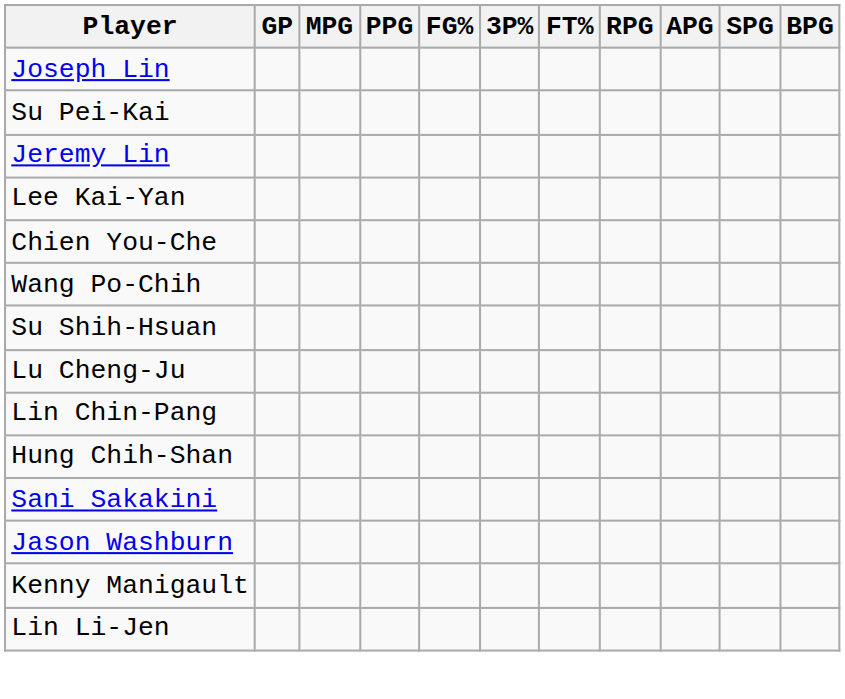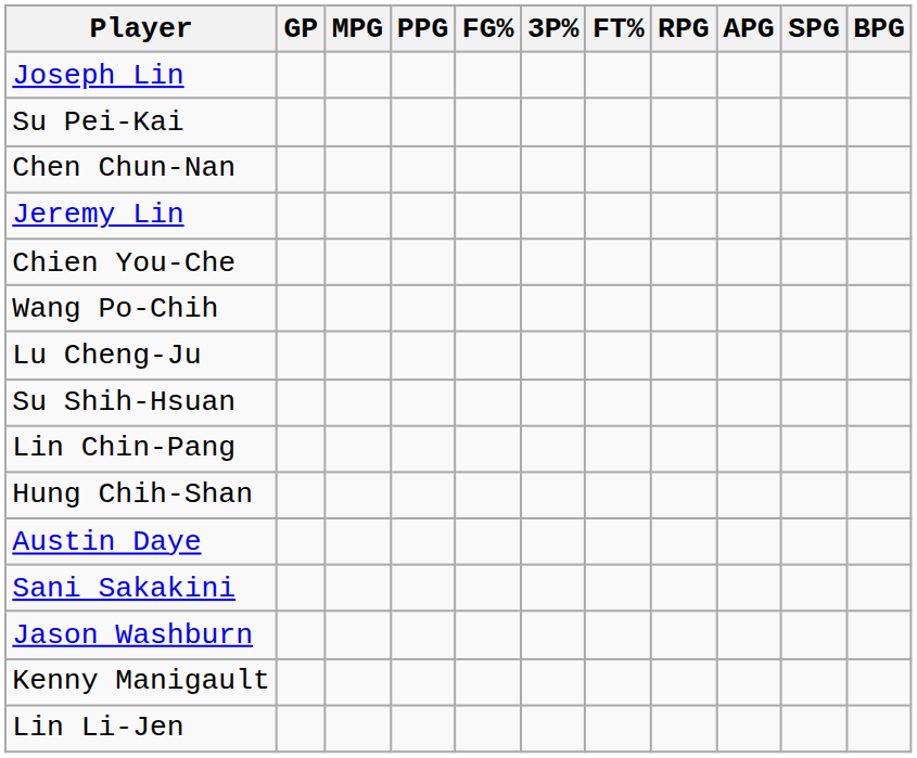 <table class="wikitable">
 <tr>
 <th>Player</th>
 <th>GP</th>
 <th>MPG</th>
 <th>PPG</th>
 <th>FG%</th>
 <th>3P%</th>
 <th>FT%</th>
 <th>RPG</th>
 <th>APG</th>
 <th>SPG</th>
 <th>BPG</th>
 </tr>
 <tr>
 <td><a href='#'>Joseph Lin</a></td>
 <td></td>
 <td></td>
 <td></td>
 <td></td>
 <td></td>
 <td></td>
 <td></td>
 <td></td>
 <td></td>
 <td></td>
 </tr>
 <tr>
 <td>Su Pei-Kai</td>
 <td></td>
 <td></td>
 <td></td>
 <td></td>
 <td></td>
 <td></td>
 <td></td>
 <td></td>
 <td></td>
 <td></td>
 </tr>
 <tr>
-<td><a href='#'>Jeremy Lin</a></td>
+<td>Chen Chun-Nan</td>
 <td></td>
 <td></td>
 <td></td>
 <td></td>
 <td></td>
 <td></td>
 <td></td>
 <td></td>
 <td></td>
 <td></td>
 </tr>
 <tr>
-<td>Lee Kai-Yan</td>
+<td><a href='#'>Jeremy Lin</a></td>
 <td></td>
 <td></td>
 <td></td>
 <td></td>
 <td></td>
 <td></td>
 <td></td>
 <td></td>
 <td></td>
 <td></td>
 </tr>
 <tr>
 <td>Chien You-Che</td>
 <td></td>
 <td></td>
 <td></td>
 <td></td>
 <td></td>
 <td></td>
 <td></td>
 <td></td>
 <td></td>
 <td></td>
 </tr>
 <tr>
 <td>Wang Po-Chih</td>
 <td></td>
 <td></td>
 <td></td>
 <td></td>
 <td></td>
 <td></td>
 <td></td>
 <td></td>
 <td></td>
 <td></td>
 </tr>
 <tr>
-<td>Su Shih-Hsuan</td>
+<td>Lu Cheng-Ju</td>
 <td></td>
 <td></td>
 <td></td>
 <td></td>
 <td></td>
 <td></td>
 <td></td>
 <td></td>
 <td></td>
 <td></td>
 </tr>
 <tr>
-<td>Lu Cheng-Ju</td>
+<td>Su Shih-Hsuan</td>
 <td></td>
 <td></td>
 <td></td>
 <td></td>
 <td></td>
 <td></td>
 <td></td>
 <td></td>
 <td></td>
 <td></td>
 </tr>
 <tr>
 <td>Lin Chin-Pang</td>
 <td></td>
 <td></td>
 <td></td>
 <td></td>
 <td></td>
 <td></td>
 <td></td>
 <td></td>
 <td></td>
 <td></td>
 </tr>
 <tr>
 <td>Hung Chih-Shan</td>
+<td></td>
+<td></td>
+<td></td>
+<td></td>
+<td></td>
+<td></td>
+<td></td>
+<td></td>
+<td></td>
+<td></td>
+</tr>
+<tr>
+<td><a href='#'>Austin Daye</a></td>
 <td></td>
 <td></td>
 <td></td>
 <td></td>
 <td></td>
 <td></td>
 <td></td>
 <td></td>
 <td></td>
 <td></td>
 </tr>
 <tr>
 <td><a href='#'>Sani Sakakini</a></td>
 <td></td>
 <td></td>
 <td></td>
 <td></td>
 <td></td>
 <td></td>
 <td></td>
 <td></td>
 <td></td>
 <td></td>
 </tr>
 <tr>
 <td><a href='#'>Jason Washburn</a></td>
 <td></td>
 <td></td>
 <td></td>
 <td></td>
 <td></td>
 <td></td>
 <td></td>
 <td></td>
 <td></td>
 <td></td>
 </tr>
 <tr>
 <td>Kenny Manigault</td>
 <td></td>
 <td></td>
 <td></td>
 <td></td>
 <td></td>
 <td></td>
 <td></td>
 <td></td>
 <td></td>
 <td></td>
 </tr>
 <tr>
 <td>Lin Li-Jen</td>
 <td></td>
 <td></td>
 <td></td>
 <td></td>
 <td></td>
 <td></td>
 <td></td>
 <td></td>
 <td></td>
 <td></td>
 </tr>
 </table>
